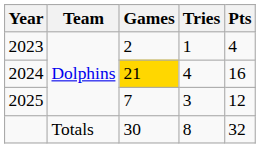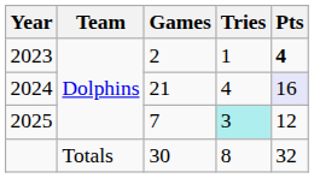 <table class="wikitable">
 <tr>
 <th>Year</th>
 <th>Team</th>
 <th>Games</th>
 <th>Tries</th>
 <th>Pts</th>
 </tr>
 <tr>
 <td>2023</td>
 <td rowspan="3"> <a href='#'>Dolphins</a></td>
 <td>2</td>
 <td>1</td>
-<td>4</td>
+<td><strong>4</strong></td>
 </tr>
 <tr>
 <td>2024</td>
-<td style="background: gold;">21</td>
+<td>21</td>
 <td>4</td>
-<td>16</td>
+<td style="background: lavender;">16</td>
 </tr>
 <tr>
 <td>2025</td>
 <td>7</td>
-<td>3</td>
+<td style="background: paleturquoise;">3</td>
 <td>12</td>
 </tr>
 <tr>
 <td></td>
 <td>Totals</td>
 <td>30</td>
 <td>8</td>
 <td>32</td>
 </tr>
 </table>
